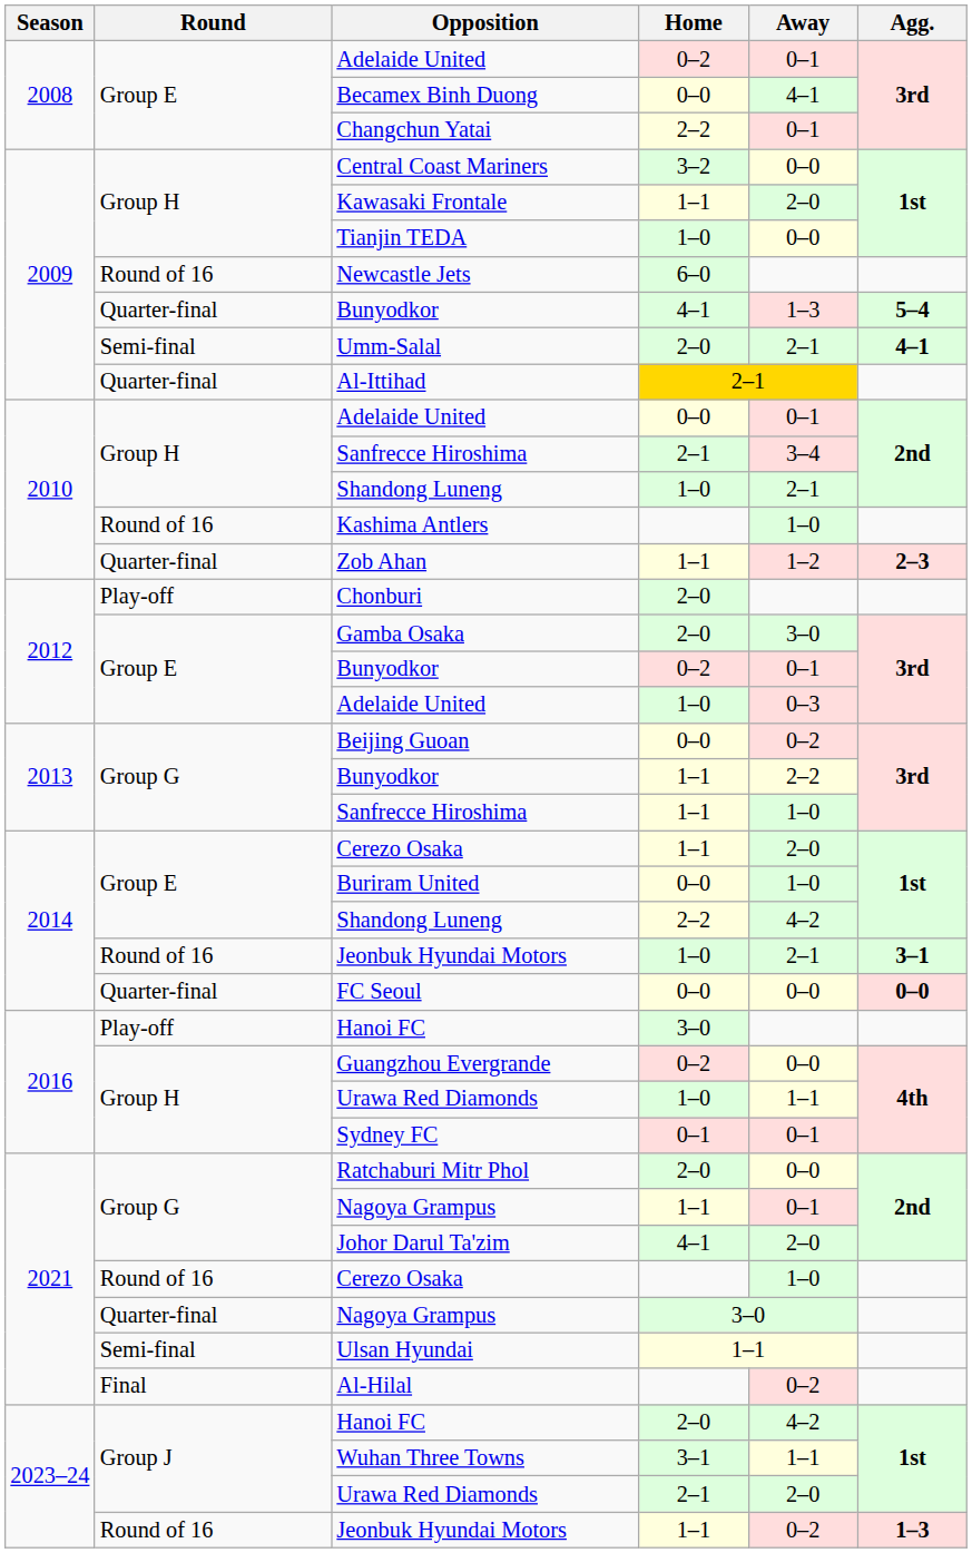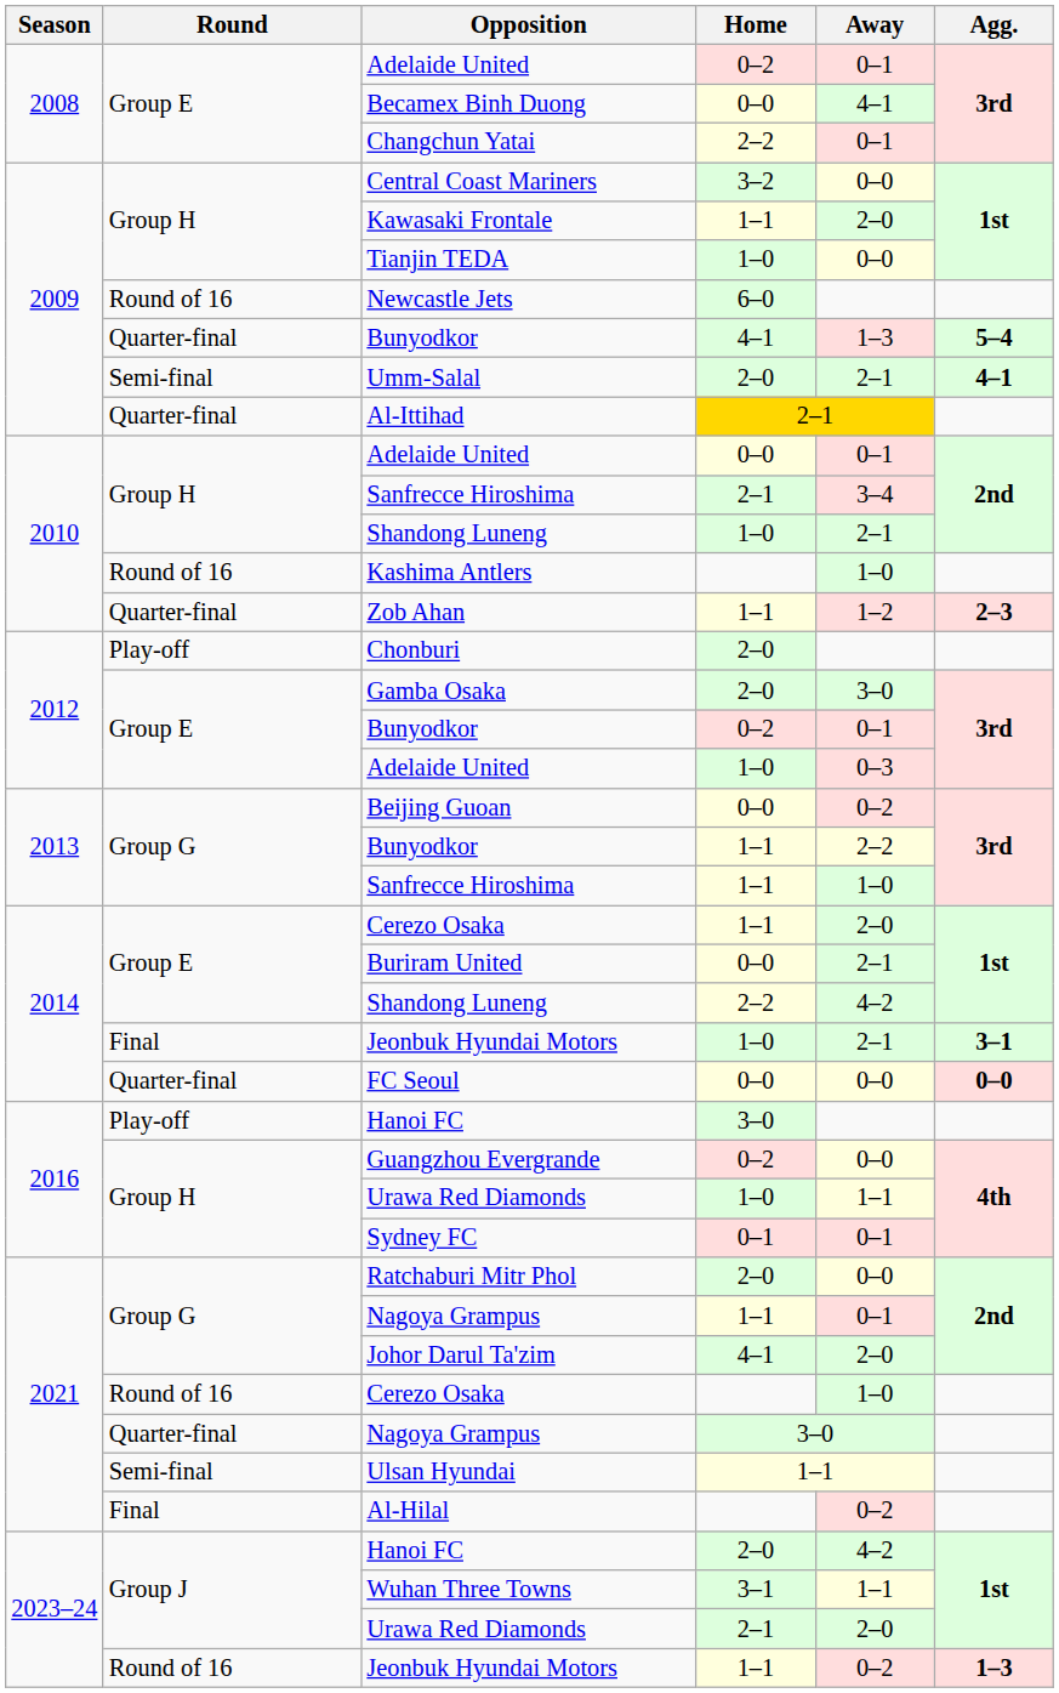 <table class="wikitable" style="text-align:left">
 <tr>
 <th>Season</th>
 <th width="160">Round</th>
 <th width="210">Opposition</th>
 <th width="70">Home</th>
 <th width="70">Away</th>
 <th width="70">Agg.</th>
 </tr>
 <tr>
 <td rowspan="3" style="text-align:center;"><a href='#'>2008</a></td>
 <td rowspan="3">Group E</td>
 <td> <a href='#'>Adelaide United</a></td>
 <td style="text-align:center; background:#FFDDDD;">0–2</td>
 <td style="text-align:center; background:#FFDDDD;">0–1</td>
 <td rowspan="3" style="text-align:center; background:#FFDDDD;"><strong>3rd</strong></td>
 </tr>
 <tr>
 <td> <a href='#'>Becamex Binh Duong</a></td>
 <td style="text-align:center; background:#FFFFDD;">0–0</td>
 <td style="text-align:center; background:#DDFFDD;">4–1</td>
 </tr>
 <tr>
 <td> <a href='#'>Changchun Yatai</a></td>
 <td style="text-align:center; background:#FFFFDD;">2–2</td>
 <td style="text-align:center; background:#FFDDDD;">0–1</td>
 </tr>
 <tr>
 <td rowspan="7" style="text-align:center;"><a href='#'>2009</a></td>
 <td rowspan="3">Group H</td>
 <td> <a href='#'>Central Coast Mariners</a></td>
 <td style="text-align:center; background:#DDFFDD;">3–2</td>
 <td style="text-align:center; background:#FFFFDD;">0–0</td>
 <td rowspan="3" style="text-align:center; background:#DDFFDD;"><strong>1st</strong></td>
 </tr>
 <tr>
 <td> <a href='#'>Kawasaki Frontale</a></td>
 <td style="text-align:center; background:#FFFFDD;">1–1</td>
 <td style="text-align:center; background:#DDFFDD;">2–0</td>
 </tr>
 <tr>
 <td> <a href='#'>Tianjin TEDA</a></td>
 <td style="text-align:center; background:#DDFFDD;">1–0</td>
 <td style="text-align:center; background:#FFFFDD;">0–0</td>
 </tr>
 <tr>
 <td>Round of 16</td>
 <td> <a href='#'>Newcastle Jets</a></td>
 <td style="text-align:center; background:#DDFFDD;">6–0</td>
 <td></td>
 <td></td>
 </tr>
 <tr>
 <td>Quarter-final</td>
 <td> <a href='#'>Bunyodkor</a></td>
 <td style="text-align:center; background:#DDFFDD;">4–1 </td>
 <td style="text-align:center; background:#FFDDDD;">1–3</td>
 <td style="text-align:center; background:#DDFFDD;"><strong>5–4</strong></td>
 </tr>
 <tr>
 <td>Semi-final</td>
 <td> <a href='#'>Umm-Salal</a></td>
 <td style="text-align:center; background:#DDFFDD;">2–0</td>
 <td style="text-align:center; background:#DDFFDD;">2–1</td>
 <td style="text-align:center; background:#DDFFDD;"><strong>4–1</strong></td>
 </tr>
 <tr>
 <td>Quarter-final</td>
 <td> <a href='#'>Al-Ittihad</a></td>
 <td colspan="2" style="text-align:center; background:#FFD700;">2–1</td>
 <td></td>
 </tr>
 <tr>
 <td rowspan="5" style="text-align:center;"><a href='#'>2010</a></td>
 <td rowspan="3">Group H</td>
 <td> <a href='#'>Adelaide United</a></td>
 <td style="text-align:center; background:#FFFFDD;">0–0</td>
 <td style="text-align:center; background:#FFDDDD;">0–1</td>
 <td rowspan="3" style="text-align:center; background:#DDFFDD;"><strong>2nd</strong></td>
 </tr>
 <tr>
 <td> <a href='#'>Sanfrecce Hiroshima</a></td>
 <td style="text-align:center; background:#DDFFDD;">2–1</td>
 <td style="text-align:center; background:#FFDDDD;">3–4</td>
 </tr>
 <tr>
 <td> <a href='#'>Shandong Luneng</a></td>
 <td style="text-align:center; background:#DDFFDD;">1–0</td>
 <td style="text-align:center; background:#DDFFDD;">2–1</td>
 </tr>
 <tr>
 <td>Round of 16</td>
 <td> <a href='#'>Kashima Antlers</a></td>
 <td></td>
 <td style="text-align:center; background:#DDFFDD;">1–0</td>
 <td></td>
 </tr>
 <tr>
 <td>Quarter-final</td>
 <td> <a href='#'>Zob Ahan</a></td>
 <td style="text-align:center; background:#FFFFDD;">1–1</td>
 <td style="text-align:center; background:#FFDDDD;">1–2</td>
 <td style="text-align:center; background:#FFDDDD;"><strong>2–3</strong></td>
 </tr>
 <tr>
 <td rowspan="4" style="text-align:center;"><a href='#'>2012</a></td>
 <td>Play-off</td>
 <td> <a href='#'>Chonburi</a></td>
 <td style="text-align:center; background:#DDFFDD;">2–0</td>
 <td></td>
 <td></td>
 </tr>
 <tr>
 <td rowspan="3">Group E</td>
 <td> <a href='#'>Gamba Osaka</a></td>
 <td style="text-align:center; background:#DDFFDD;">2–0</td>
 <td style="text-align:center; background:#DDFFDD;">3–0</td>
 <td rowspan="3" style="text-align:center; background:#FFDDDD;"><strong>3rd</strong></td>
 </tr>
 <tr>
 <td> <a href='#'>Bunyodkor</a></td>
 <td style="text-align:center; background:#FFDDDD;">0–2</td>
 <td style="text-align:center; background:#FFDDDD;">0–1</td>
 </tr>
 <tr>
 <td> <a href='#'>Adelaide United</a></td>
 <td style="text-align:center; background:#DDFFDD;">1–0</td>
 <td style="text-align:center; background:#FFDDDD;">0–3</td>
 </tr>
 <tr>
 <td rowspan="3" style="text-align:center;"><a href='#'>2013</a></td>
 <td rowspan="3">Group G</td>
 <td> <a href='#'>Beijing Guoan</a></td>
 <td style="text-align:center; background:#FFFFDD;">0–0</td>
 <td style="text-align:center; background:#FFDDDD;">0–2</td>
 <td rowspan="3" style="text-align:center; background:#FFDDDD;"><strong>3rd</strong></td>
 </tr>
 <tr>
 <td> <a href='#'>Bunyodkor</a></td>
 <td style="text-align:center; background:#FFFFDD;">1–1</td>
 <td style="text-align:center; background:#FFFFDD;">2–2</td>
 </tr>
 <tr>
 <td> <a href='#'>Sanfrecce Hiroshima</a></td>
 <td style="text-align:center; background:#FFFFDD;">1–1</td>
 <td style="text-align:center; background:#DDFFDD;">1–0</td>
 </tr>
 <tr>
 <td rowspan="5" style="text-align:center;"><a href='#'>2014</a></td>
 <td rowspan="3">Group E</td>
 <td> <a href='#'>Cerezo Osaka</a></td>
 <td style="text-align:center; background:#FFFFDD;">1–1</td>
 <td style="text-align:center; background:#DDFFDD;">2–0</td>
 <td rowspan="3" style="text-align:center; background:#DDFFDD;"><strong>1st</strong></td>
 </tr>
 <tr>
 <td> <a href='#'>Buriram United</a></td>
 <td style="text-align:center; background:#FFFFDD;">0–0</td>
-<td style="text-align:center; background:#DDFFDD;">1–0</td>
+<td style="text-align:center; background:#DDFFDD;">2–1</td>
 </tr>
 <tr>
 <td> <a href='#'>Shandong Luneng</a></td>
 <td style="text-align:center; background:#FFFFDD;">2–2</td>
 <td style="text-align:center; background:#DDFFDD;">4–2</td>
 </tr>
 <tr>
-<td>Round of 16</td>
+<td>Final</td>
 <td> <a href='#'>Jeonbuk Hyundai Motors</a></td>
 <td style="text-align:center; background:#DDFFDD;">1–0</td>
 <td style="text-align:center; background:#DDFFDD;">2–1</td>
 <td style="text-align:center; background:#DDFFDD;"><strong>3–1</strong></td>
 </tr>
 <tr>
 <td>Quarter-final</td>
 <td> <a href='#'>FC Seoul</a></td>
 <td style="text-align:center; background:#FFFFDD;">0–0</td>
 <td style="text-align:center; background:#FFFFDD;">0–0 </td>
 <td style="text-align:center; background:#FFDDDD;"><strong>0–0<br></strong></td>
 </tr>
 <tr>
 <td rowspan="4" style="text-align:center;"><a href='#'>2016</a></td>
 <td>Play-off</td>
 <td> <a href='#'>Hanoi FC</a></td>
 <td style="text-align:center; background:#DDFFDD;">3–0</td>
 <td></td>
 <td></td>
 </tr>
 <tr>
 <td rowspan="3">Group H</td>
 <td> <a href='#'>Guangzhou Evergrande</a></td>
 <td style="text-align:center; background:#FFDDDD;">0–2</td>
 <td style="text-align:center; background:#FFFFDD;">0–0</td>
 <td rowspan="3" style="text-align:center; background:#FFDDDD;"><strong>4th</strong></td>
 </tr>
 <tr>
 <td> <a href='#'>Urawa Red Diamonds</a></td>
 <td style="text-align:center; background:#DDFFDD;">1–0</td>
 <td style="text-align:center; background:#FFFFDD;">1–1</td>
 </tr>
 <tr>
 <td> <a href='#'>Sydney FC</a></td>
 <td style="text-align:center; background:#FFDDDD;">0–1</td>
 <td style="text-align:center; background:#FFDDDD;">0–1</td>
 </tr>
 <tr>
 <td rowspan="7" style="text-align:center;"><a href='#'>2021</a></td>
 <td rowspan="3">Group G</td>
 <td> <a href='#'>Ratchaburi Mitr Phol</a></td>
 <td style="text-align:center; background:#DDFFDD;">2–0</td>
 <td style="text-align:center; background:#FFFFDD;">0–0</td>
 <td rowspan="3" style="text-align:center; background:#DDFFDD;"><strong>2nd</strong></td>
 </tr>
 <tr>
 <td> <a href='#'>Nagoya Grampus</a></td>
 <td style="text-align:center; background:#FFFFDD;">1–1</td>
 <td style="text-align:center; background:#FFDDDD;">0–1</td>
 </tr>
 <tr>
 <td> <a href='#'>Johor Darul Ta'zim</a></td>
 <td style="text-align:center; background:#DDFFDD;">4–1</td>
 <td style="text-align:center; background:#DDFFDD;">2–0</td>
 </tr>
 <tr>
 <td>Round of 16</td>
 <td> <a href='#'>Cerezo Osaka</a></td>
 <td></td>
 <td style="text-align:center; background:#DDFFDD;">1–0</td>
 <td></td>
 </tr>
 <tr>
 <td>Quarter-final</td>
 <td> <a href='#'>Nagoya Grampus</a></td>
 <td colspan="2" style="text-align:center; background:#DDFFDD;">3–0</td>
 <td></td>
 </tr>
 <tr>
 <td>Semi-final</td>
 <td> <a href='#'>Ulsan Hyundai</a></td>
 <td colspan="2" style="text-align:center; background:#FFFFDD;">1–1 <br></td>
 <td></td>
 </tr>
 <tr>
 <td>Final</td>
 <td> <a href='#'>Al-Hilal</a></td>
 <td></td>
 <td style="text-align:center; background:#FFDDDD;">0–2</td>
 <td></td>
 </tr>
 <tr>
 <td rowspan="4"><a href='#'>2023–24</a></td>
 <td rowspan="3">Group J</td>
 <td> <a href='#'>Hanoi FC</a></td>
 <td style="text-align:center; background:#DDFFDD;">2–0</td>
 <td style="text-align:center; background:#DDFFDD;">4–2</td>
 <td rowspan="3" style="text-align:center; background:#DDFFDD;"><strong>1st</strong></td>
 </tr>
 <tr>
 <td> <a href='#'>Wuhan Three Towns</a></td>
 <td style="text-align:center; background:#DDFFDD;">3–1</td>
 <td style="text-align:center; background:#FFFFDD;">1–1</td>
 </tr>
 <tr>
 <td> <a href='#'>Urawa Red Diamonds</a></td>
 <td style="text-align:center; background:#DDFFDD;">2–1</td>
 <td style="text-align:center; background:#DDFFDD;">2–0</td>
 </tr>
 <tr>
 <td>Round of 16</td>
 <td> <a href='#'>Jeonbuk Hyundai Motors</a></td>
 <td style="text-align:center; background:#FFFFDD;">1–1</td>
 <td style="text-align:center; background:#FFDDDD;">0–2</td>
 <td style="text-align:center; background:#FFDDDD;"><strong>1–3</strong></td>
 </tr>
 </table>
